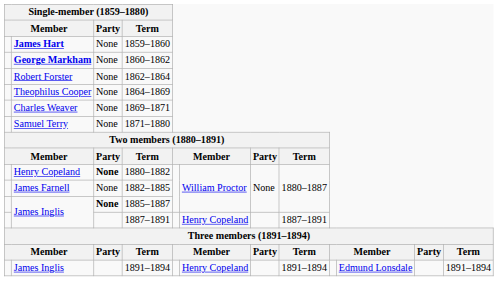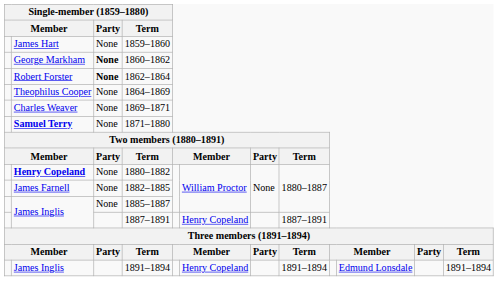 <table class="wikitable" style='border-style: none none none none;'>
 <tr>
 <th colspan="4">Single-member (1859–1880)</th>
 </tr>
 <tr>
 <th colspan="2">Member</th>
 <th>Party</th>
 <th>Term</th>
 </tr>
 <tr style="background: #f9f9f9">
 <td> </td>
-<td><strong><a href='#'>James Hart</a></strong></td>
+<td><a href='#'>James Hart</a></td>
 <td>None</td>
 <td>1859–1860</td>
 </tr>
 <tr style="background: #f9f9f9">
 <td> </td>
-<td><strong><a href='#'>George Markham</a></strong></td>
-<td>None</td>
+<td><a href='#'>George Markham</a></td>
+<td><strong>None</strong></td>
 <td>1860–1862</td>
 </tr>
 <tr style="background: #f9f9f9">
 <td> </td>
 <td><a href='#'>Robert Forster</a></td>
-<td>None</td>
+<td><strong>None</strong></td>
 <td>1862–1864</td>
 </tr>
 <tr style="background: #f9f9f9">
 <td> </td>
 <td><a href='#'>Theophilus Cooper</a></td>
 <td>None</td>
 <td>1864–1869</td>
 </tr>
 <tr style="background: #f9f9f9">
 <td> </td>
 <td><a href='#'>Charles Weaver</a></td>
 <td>None</td>
 <td>1869–1871</td>
 </tr>
 <tr style="background: #f9f9f9">
 <td> </td>
-<td><a href='#'>Samuel Terry</a></td>
+<td><strong><a href='#'>Samuel Terry</a></strong></td>
 <td>None</td>
 <td>1871–1880</td>
 </tr>
 <tr>
 <th colspan="8">Two members (1880–1891)</th>
 </tr>
 <tr>
 <th colspan="2">Member</th>
 <th>Party</th>
 <th>Term</th>
 <th colspan="2">Member</th>
 <th>Party</th>
 <th>Term</th>
 </tr>
 <tr style="background: #f9f9f9">
 <td> </td>
-<td><a href='#'>Henry Copeland</a></td>
-<td><strong>None</strong></td>
+<td><strong><a href='#'>Henry Copeland</a></strong></td>
+<td>None</td>
 <td>1880–1882</td>
 <td rowspan="3" > </td>
 <td rowspan="3"><a href='#'>William Proctor</a></td>
 <td rowspan="3">None</td>
 <td rowspan="3">1880–1887</td>
 </tr>
 <tr style="background: #f9f9f9">
 <td> </td>
 <td><a href='#'>James Farnell</a></td>
 <td>None</td>
 <td>1882–1885</td>
 </tr>
 <tr style="background: #f9f9f9">
 <td> </td>
 <td rowspan="2"><a href='#'>James Inglis</a></td>
-<td><strong>None</strong></td>
+<td>None</td>
 <td>1885–1887</td>
 </tr>
 <tr style="background: #f9f9f9">
 <td> </td>
 <td></td>
 <td>1887–1891</td>
 <td> </td>
 <td><a href='#'>Henry Copeland</a></td>
 <td></td>
 <td>1887–1891</td>
 </tr>
 <tr>
 <th colspan="12">Three members (1891–1894)</th>
 </tr>
 <tr>
 <th colspan="2">Member</th>
 <th>Party</th>
 <th>Term</th>
 <th colspan="2">Member</th>
 <th>Party</th>
 <th>Term</th>
 <th colspan="2">Member</th>
 <th>Party</th>
 <th>Term</th>
 </tr>
 <tr style="background: #f9f9f9">
 <td> </td>
 <td><a href='#'>James Inglis</a></td>
 <td></td>
 <td>1891–1894</td>
 <td> </td>
 <td><a href='#'>Henry Copeland</a></td>
 <td></td>
 <td>1891–1894</td>
 <td> </td>
 <td><a href='#'>Edmund Lonsdale</a></td>
 <td></td>
 <td>1891–1894</td>
 </tr>
 </table>
